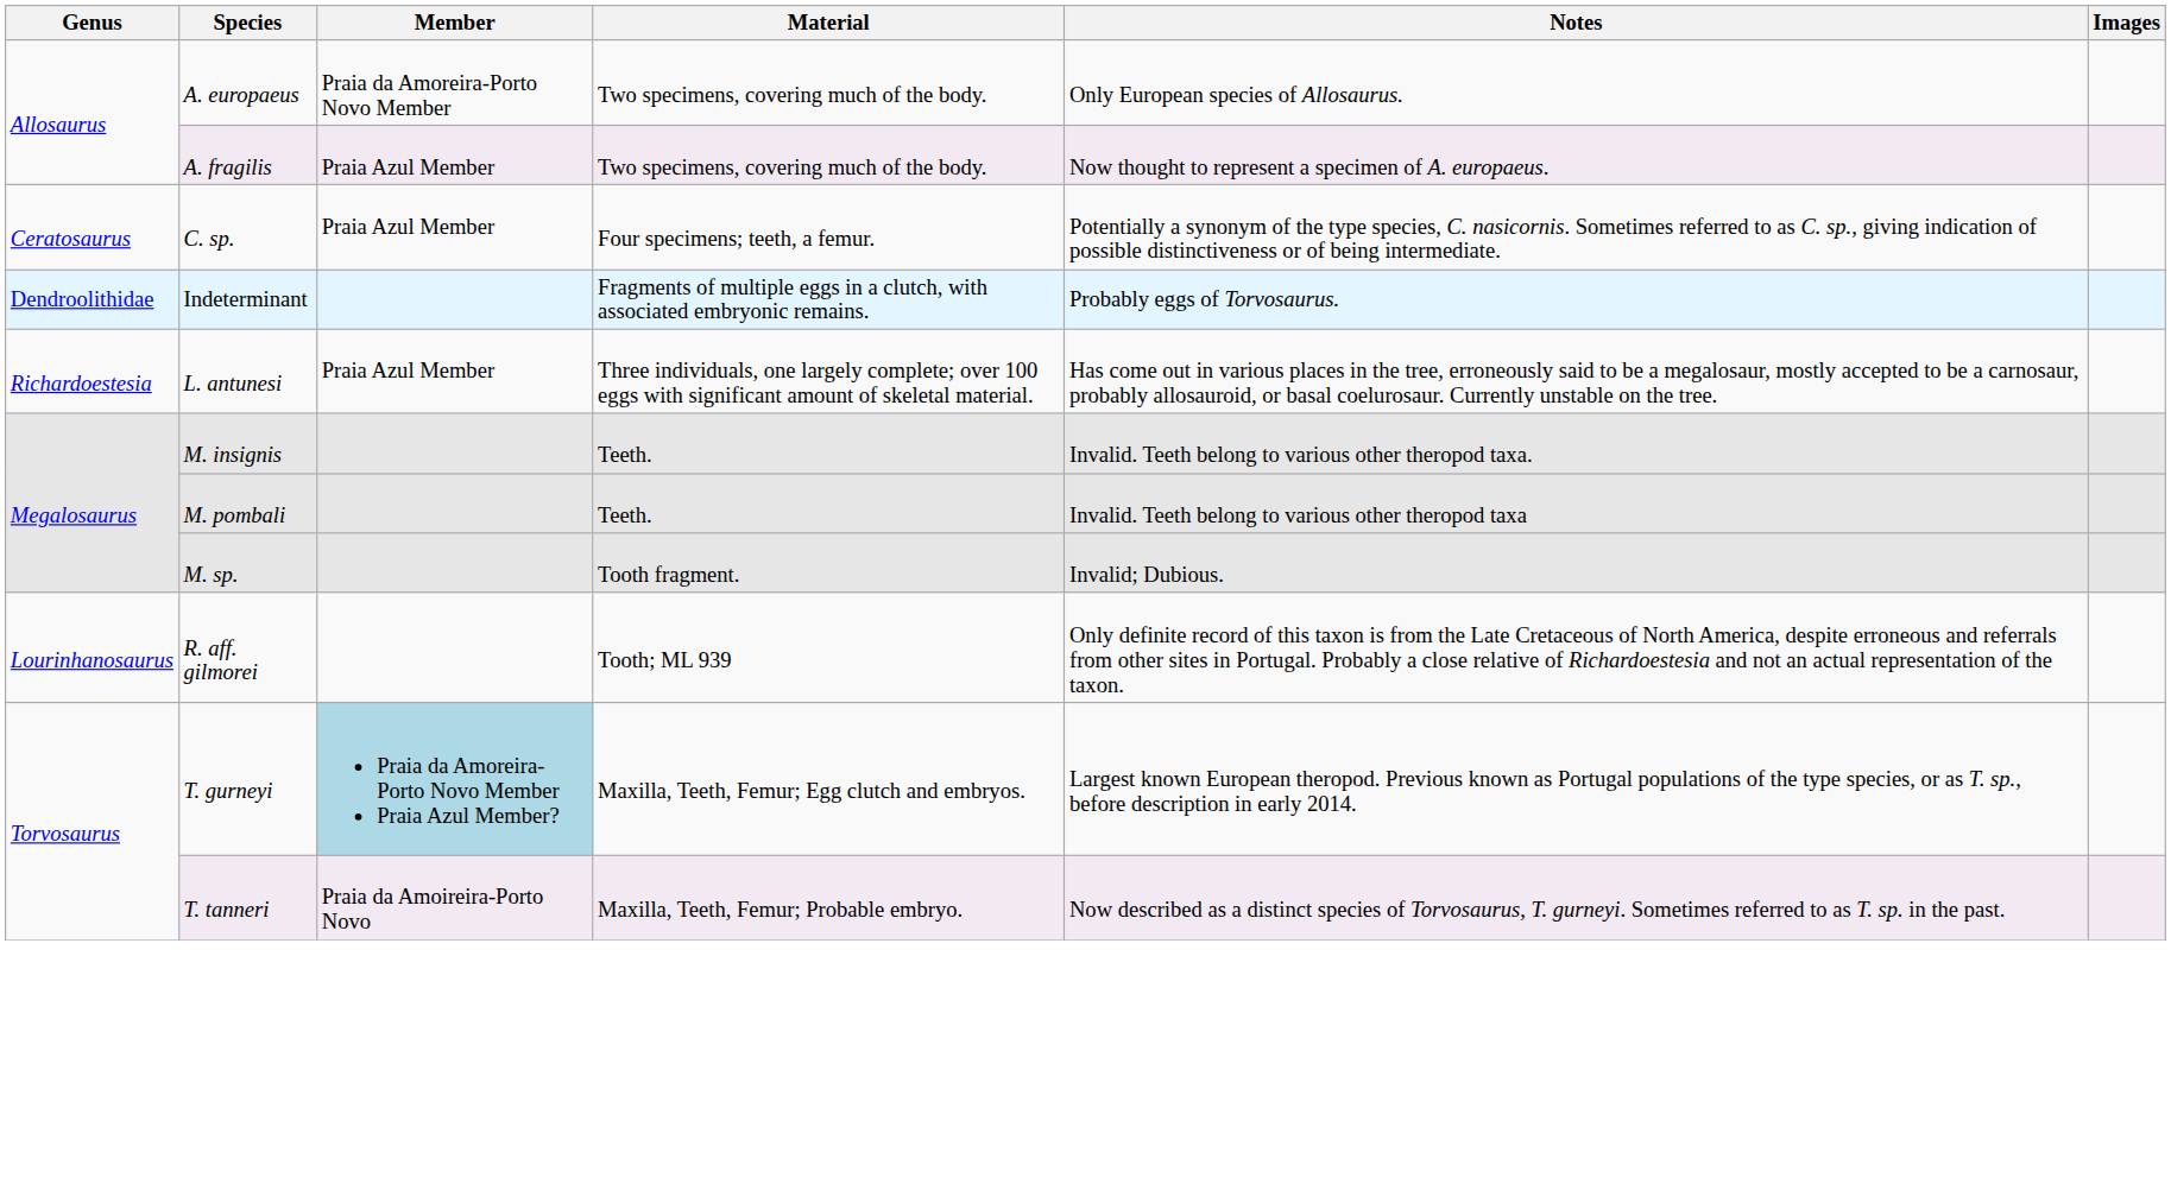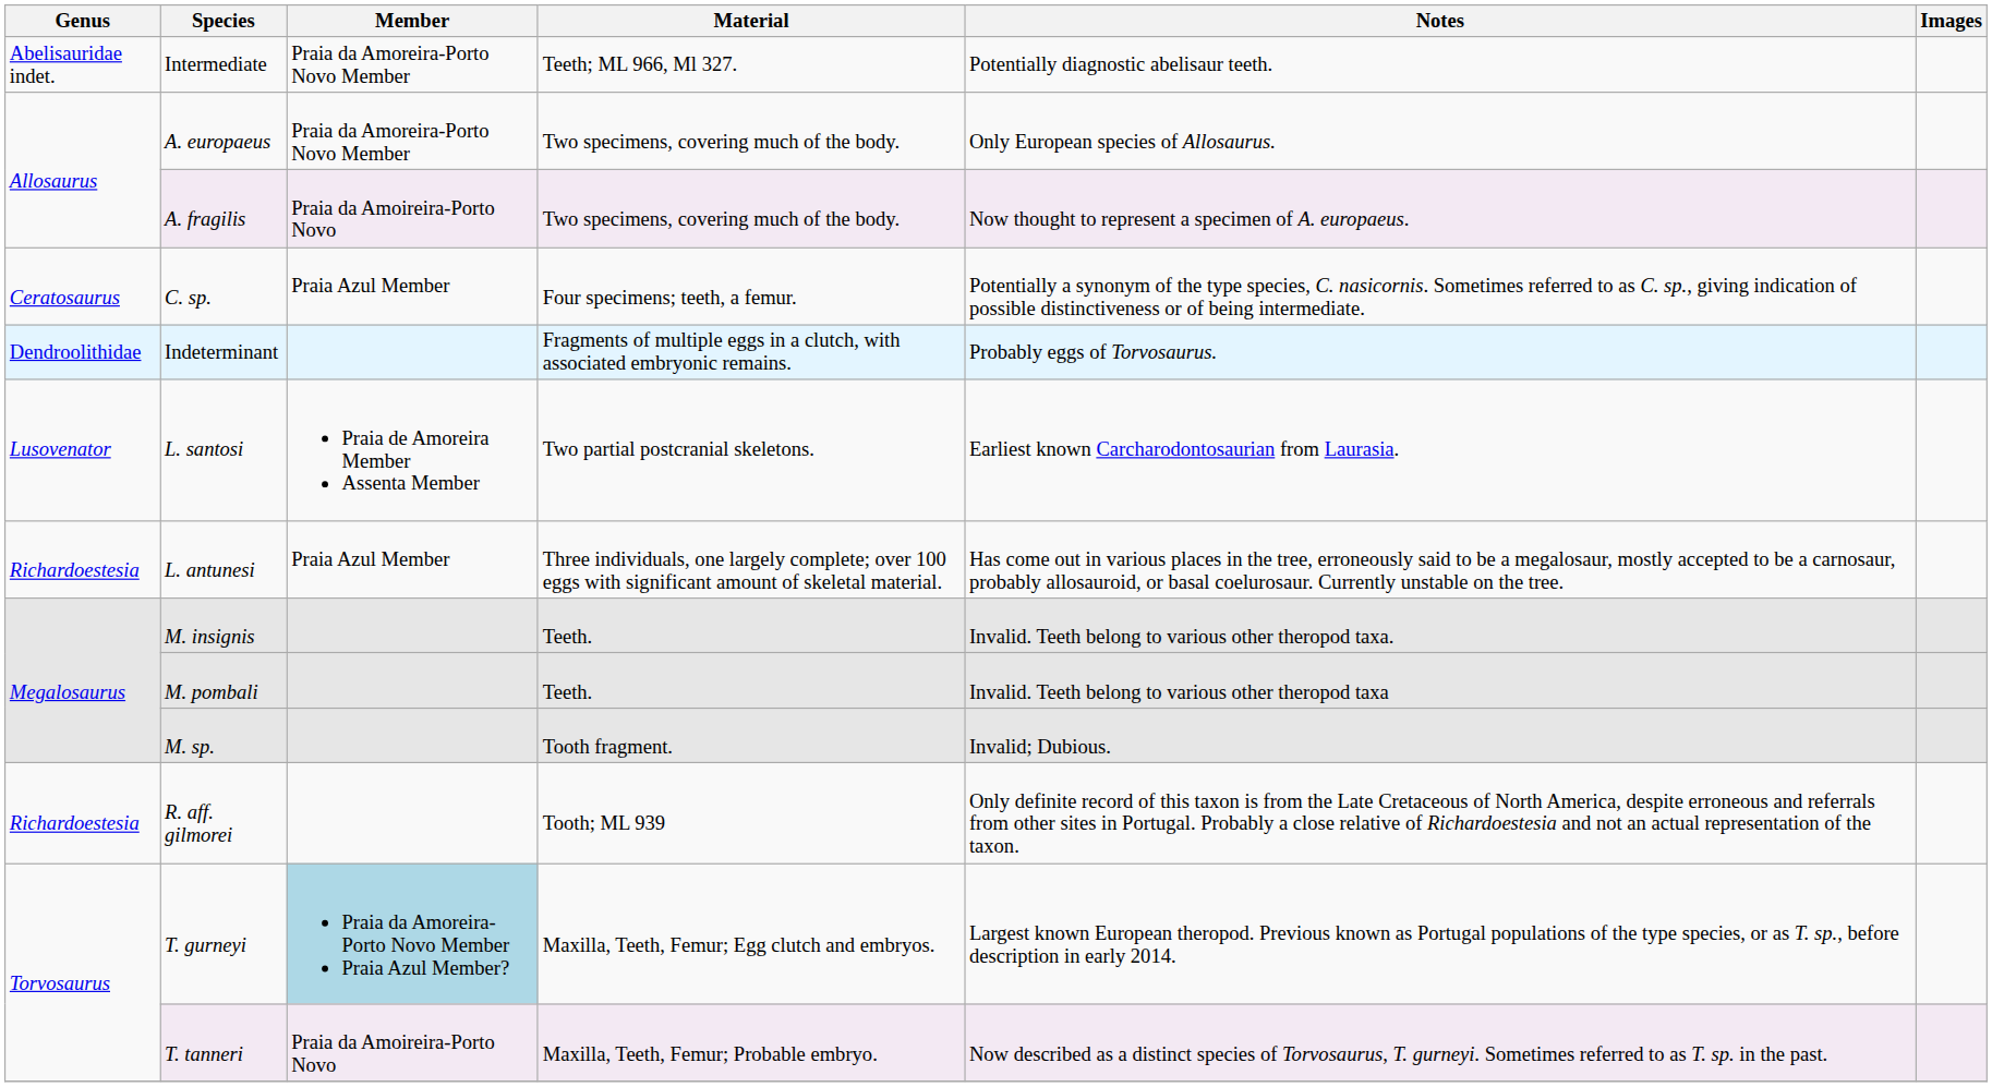 <table class="wikitable" align="center">
 <tr>
 <th>Genus</th>
 <th>Species</th>
 <th>Member</th>
 <th>Material</th>
 <th>Notes</th>
 <th>Images</th>
+</tr>
+<tr>
+<td><a href='#'>Abelisauridae</a> indet.</td>
+<td>Intermediate</td>
+<td>Praia da Amoreira-Porto Novo Member</td>
+<td>Teeth; ML 966, Ml 327.</td>
+<td>Potentially diagnostic abelisaur teeth.</td>
+<td></td>
 </tr>
 <tr>
 <td rowspan =2><br><em><a href='#'>Allosaurus</a></em></td>
 <td><br><em>A. europaeus</em></td>
 <td><br>Praia da Amoreira-Porto Novo Member</td>
 <td><br>Two specimens, covering much of the body.</td>
 <td><br>Only European species of <em>Allosaurus.</em></td>
 <td></td>
 </tr>
 <tr>
 <td style="background:#f3e9f3;"><br><em>A. fragilis</em></td>
-<td style="background:#f3e9f3;"><br>Praia Azul Member</td>
+<td style="background:#f3e9f3;"><br>Praia da Amoireira-Porto Novo</td>
 <td style="background:#f3e9f3;"><br>Two specimens, covering much of the body.</td>
 <td style="background:#f3e9f3;"><br>Now thought to represent a specimen of <em>A. europaeus</em>.</td>
 <td style="background:#f3e9f3;"></td>
 </tr>
 <tr>
 <td><br><em><a href='#'>Ceratosaurus</a></em></td>
 <td><br><em>C. sp.</em></td>
 <td>Praia Azul Member</td>
 <td><br>Four specimens; teeth, a femur.</td>
 <td><br>Potentially a synonym of the type species, <em>C. nasicornis</em>. Sometimes referred to as <em>C. sp.</em>, giving indication of possible distinctiveness or of being intermediate.</td>
 <td><br></td>
 </tr>
 <tr>
 <td style="background:#E3F5FF;"><a href='#'>Dendroolithidae</a></td>
 <td style="background:#E3F5FF;">Indeterminant</td>
 <td style="background:#E3F5FF;"></td>
 <td style="background:#E3F5FF;">Fragments of multiple eggs in a clutch, with associated embryonic remains.</td>
 <td style="background:#E3F5FF;">Probably eggs of <em>Torvosaurus.</em></td>
 <td style="background:#E3F5FF;"></td>
+</tr>
+<tr>
+<td><em><a href='#'>Lusovenator</a></em></td>
+<td><em>L. santosi</em></td>
+<td><br><ul><li>Praia de Amoreira Member</li><li>Assenta Member</li></ul></td>
+<td>Two partial postcranial skeletons.</td>
+<td>Earliest known <a href='#'>Carcharodontosaurian</a> from <a href='#'>Laurasia</a>.</td>
+<td></td>
 </tr>
 <tr>
 <td><br><em><a href='#'>Richardoestesia</a></em></td>
 <td><br><em>L. antunesi</em></td>
 <td>Praia Azul Member</td>
 <td><br>Three individuals, one largely complete; over 100 eggs with significant amount of skeletal material.</td>
 <td><br>Has come out in various places in the tree, erroneously said to be a megalosaur, mostly accepted to be a carnosaur, probably allosauroid, or basal coelurosaur. Currently unstable on the tree.</td>
 <td><br> </td>
 </tr>
 <tr>
 <td rowspan=3 style="background:#E6E6E6;"><br><em><a href='#'>Megalosaurus</a></em></td>
 <td style="background:#E6E6E6;"><br><em>M. insignis</em></td>
 <td style="background:#E6E6E6;"></td>
 <td style="background:#E6E6E6;"><br>Teeth.</td>
 <td style="background:#E6E6E6;"><br>Invalid. Teeth belong to various other theropod taxa.</td>
 <td style="background:#E6E6E6;"></td>
 </tr>
 <tr>
 <td style="background:#E6E6E6;"><br><em>M. pombali</em></td>
 <td style="background:#E6E6E6;"></td>
 <td style="background:#E6E6E6;"><br>Teeth.</td>
 <td style="background:#E6E6E6;"><br>Invalid. Teeth belong to various other theropod taxa</td>
 <td style="background:#E6E6E6;"></td>
 </tr>
 <tr>
 <td style="background:#E6E6E6;"><br><em>M. sp.</em></td>
 <td style="background:#E6E6E6;"></td>
 <td style="background:#E6E6E6;"><br>Tooth fragment.</td>
 <td style="background:#E6E6E6;"><br>Invalid; Dubious.</td>
 <td style="background:#E6E6E6;"></td>
 </tr>
 <tr>
-<td><br><em><a href='#'>Lourinhanosaurus</a></em></td>
+<td><br><em><a href='#'>Richardoestesia</a></em></td>
 <td><br><em>R. aff. gilmorei</em></td>
 <td></td>
 <td><br>Tooth; ML 939</td>
 <td><br>Only definite record of this taxon is from the Late Cretaceous of North America, despite erroneous and referrals from other sites in Portugal. Probably a close relative of <em>Richardoestesia</em> and not an actual representation of the taxon.</td>
 <td></td>
 </tr>
 <tr>
 <td rowspan =2><br><em><a href='#'>Torvosaurus</a></em></td>
 <td><br><em>T. gurneyi</em></td>
 <td style="background: lightblue;"><br><ul><li>Praia da Amoreira-Porto Novo Member</li><li>Praia Azul Member?</li></ul></td>
 <td><br>Maxilla, Teeth, Femur; Egg clutch and embryos.</td>
 <td><br>Largest known European theropod. Previous known as Portugal populations of the type species, or as <em>T. sp.</em>, before description in early 2014.</td>
 <td><br></td>
 </tr>
 <tr>
 <td style="background:#f3e9f3;"><br><em>T. tanneri</em></td>
 <td style="background:#f3e9f3;"><br>Praia da Amoireira-Porto Novo</td>
 <td style="background:#f3e9f3;"><br>Maxilla, Teeth, Femur; Probable embryo.</td>
 <td style="background:#f3e9f3;"><br>Now described as a distinct species of <em>Torvosaurus</em>, <em>T. gurneyi</em>. Sometimes referred to as <em>T. sp.</em> in the past.</td>
 <td style="background:#f3e9f3;"></td>
 </tr>
 <tr>
 </tr>
 </table>
